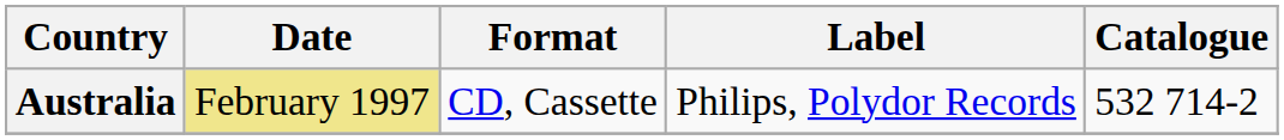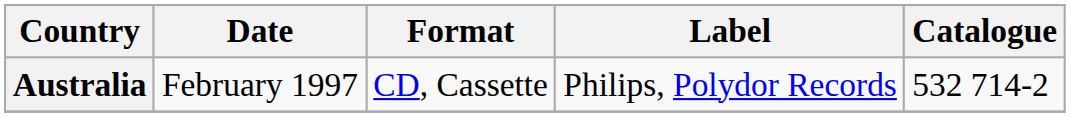 <table class="wikitable plainrowheaders">
 <tr>
 <th scope="col">Country</th>
 <th scope="col">Date</th>
 <th scope="col">Format</th>
 <th scope="col">Label</th>
 <th scope="col">Catalogue</th>
 </tr>
 <tr>
 <th scope="row">Australia</th>
-<td style="background: khaki;">February 1997</td>
+<td>February 1997</td>
 <td><a href='#'>CD</a>, Cassette</td>
 <td>Philips, <a href='#'>Polydor Records</a></td>
 <td>532 714-2</td>
 </tr>
 <tr>
 </tr>
 </table>
